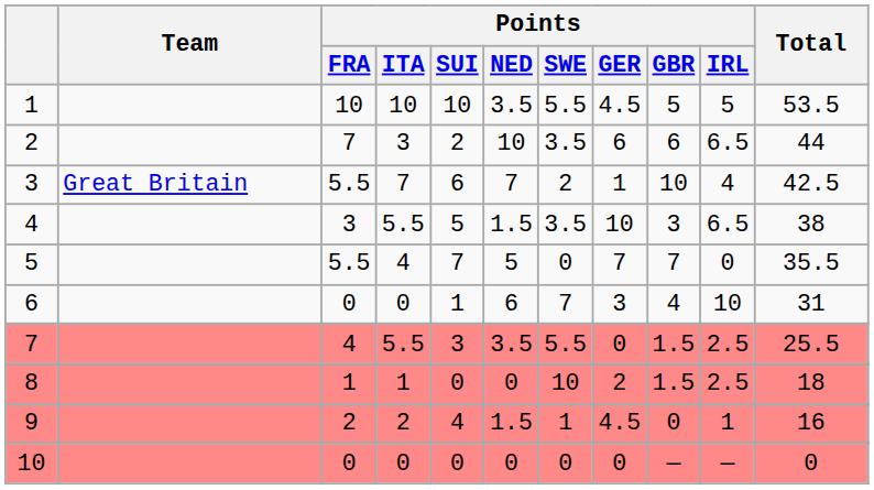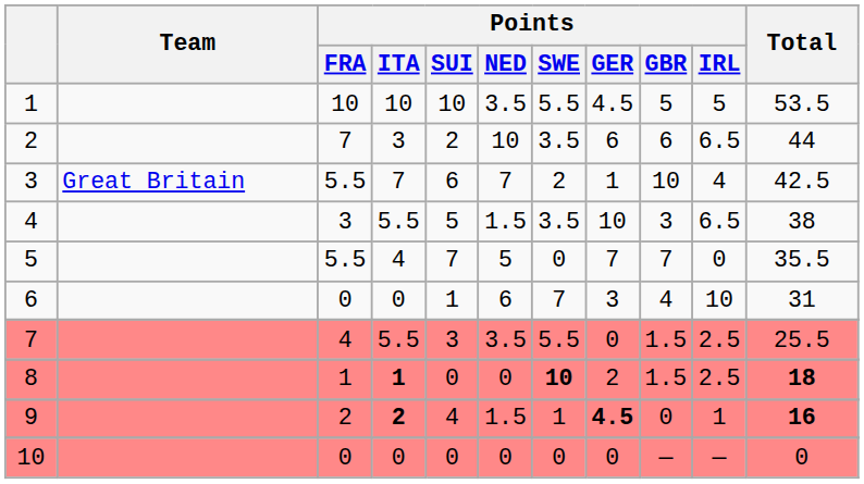 <table class="wikitable" style="font-size: 90%" text-align:center; table-layout:fixed; width:75em">
 <tr>
 <th rowspan=2 width=20></th>
 <th rowspan=2 width=125>Team</th>
 <th colspan=8>Points</th>
 <th rowspan=2 width=50>Total</th>
 </tr>
 <tr valign="top">
 <th><a href='#'>FRA</a><br></th>
 <th><a href='#'>ITA</a><br></th>
 <th><a href='#'>SUI</a><br></th>
 <th><a href='#'>NED</a><br></th>
 <th><a href='#'>SWE</a><br></th>
 <th><a href='#'>GER</a><br></th>
 <th><a href='#'>GBR</a><br></th>
 <th><a href='#'>IRL</a><br></th>
 </tr>
 <tr>
 <td align=center>1</td>
 <td></td>
 <td align=center>10</td>
 <td align=center>10</td>
 <td align=center>10</td>
 <td align=center>3.5</td>
 <td align=center>5.5</td>
 <td align=center>4.5</td>
 <td align=center>5</td>
 <td align=center>5</td>
 <td align=center>53.5</td>
 </tr>
 <tr>
 <td align=center>2</td>
 <td></td>
 <td align=center>7</td>
 <td align=center>3</td>
 <td align=center>2</td>
 <td align=center>10</td>
 <td align=center>3.5</td>
 <td align=center>6</td>
 <td align=center>6</td>
 <td align=center>6.5</td>
 <td align=center>44</td>
 </tr>
 <tr>
 <td align=center>3</td>
 <td> <a href='#'>Great Britain</a></td>
 <td align=center>5.5</td>
 <td align=center>7</td>
 <td align=center>6</td>
 <td align=center>7</td>
 <td align=center>2</td>
 <td align=center>1</td>
 <td align=center>10</td>
 <td align=center>4</td>
 <td align=center>42.5</td>
 </tr>
 <tr>
 <td align=center>4</td>
 <td></td>
 <td align=center>3</td>
 <td align=center>5.5</td>
 <td align=center>5</td>
 <td align=center>1.5</td>
 <td align=center>3.5</td>
 <td align=center>10</td>
 <td align=center>3</td>
 <td align=center>6.5</td>
 <td align=center>38</td>
 </tr>
 <tr>
 <td align=center>5</td>
 <td></td>
 <td align=center>5.5</td>
 <td align=center>4</td>
 <td align=center>7</td>
 <td align=center>5</td>
 <td align=center>0</td>
 <td align=center>7</td>
 <td align=center>7</td>
 <td align=center>0</td>
 <td align=center>35.5</td>
 </tr>
 <tr>
 <td align=center>6</td>
 <td></td>
 <td align=center>0</td>
 <td align=center>0</td>
 <td align=center>1</td>
 <td align=center>6</td>
 <td align=center>7</td>
 <td align=center>3</td>
 <td align=center>4</td>
 <td align=center>10</td>
 <td align=center>31</td>
 </tr>
 <tr>
 </tr>
 <tr bgcolor=#FF8888>
 <td align=center>7</td>
 <td></td>
 <td align=center>4</td>
 <td align=center>5.5</td>
 <td align=center>3</td>
 <td align=center>3.5</td>
 <td align=center>5.5</td>
 <td align=center>0</td>
 <td align=center>1.5</td>
 <td align=center>2.5</td>
 <td align=center>25.5</td>
 </tr>
 <tr>
 </tr>
 <tr bgcolor=#FF8888>
 <td align=center>8</td>
 <td></td>
 <td align=center>1</td>
-<td align=center>1</td>
+<td align=center><strong>1</strong></td>
 <td align=center>0</td>
 <td align=center>0</td>
-<td align=center>10</td>
+<td align=center><strong>10</strong></td>
 <td align=center>2</td>
 <td align=center>1.5</td>
 <td align=center>2.5</td>
-<td align=center>18</td>
+<td align=center><strong>18</strong></td>
 </tr>
 <tr>
 </tr>
 <tr bgcolor=#FF8888>
 <td align=center>9</td>
 <td></td>
 <td align=center>2</td>
-<td align=center>2</td>
+<td align=center><strong>2</strong></td>
 <td align=center>4</td>
 <td align=center>1.5</td>
 <td align=center>1</td>
-<td align=center>4.5</td>
+<td align=center><strong>4.5</strong></td>
 <td align=center>0</td>
 <td align=center>1</td>
-<td align=center>16</td>
+<td align=center><strong>16</strong></td>
 </tr>
 <tr>
 </tr>
 <tr bgcolor=#FF8888>
 <td align=center>10</td>
 <td></td>
 <td align=center>0</td>
 <td align=center>0</td>
 <td align=center>0</td>
 <td align=center>0</td>
 <td align=center>0</td>
 <td align=center>0</td>
 <td align=center>—</td>
 <td align=center>—</td>
 <td align=center>0</td>
 </tr>
 </table>
